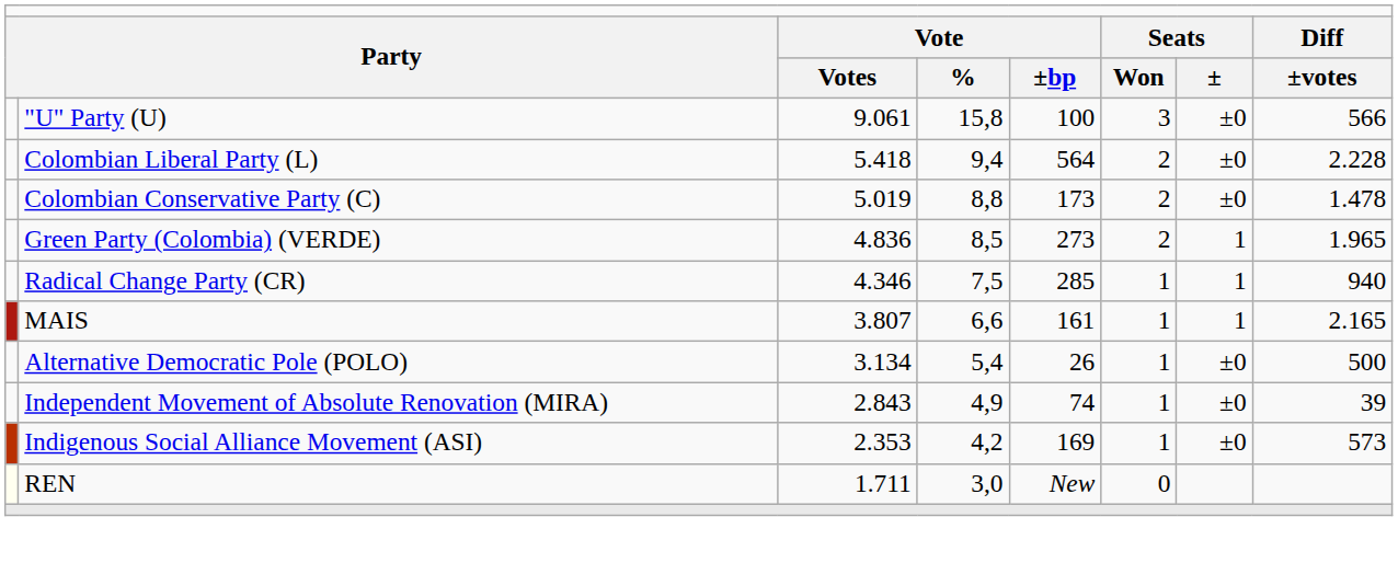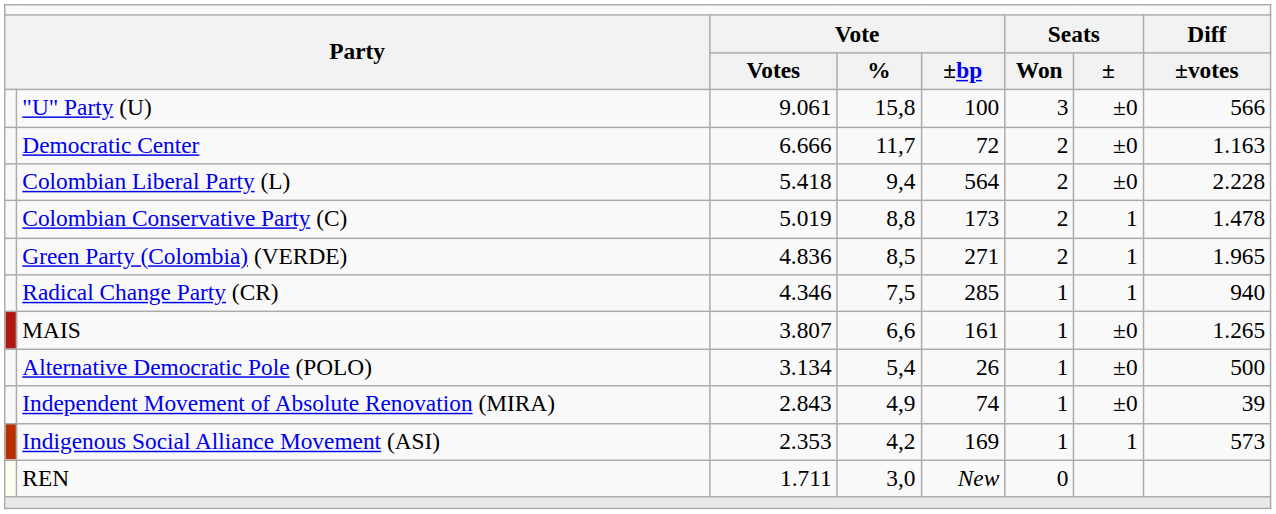 <table class="wikitable" style="text-align:right; font-size:100%; margin-bottom:0">
 <tr>
 <td colspan="8"></td>
 </tr>
 <tr>
 <th align="left" rowspan="2" colspan="2" width="500">Party</th>
 <th colspan="3">Vote</th>
 <th colspan="2">Seats</th>
 <th colspan="1">Diff</th>
 </tr>
 <tr>
 <th width="80">Votes</th>
 <th width="50">%</th>
 <th width="50">±<a href='#'>bp</a></th>
 <th width="40">Won</th>
 <th width="40">±</th>
 <th width="80">±votes</th>
 </tr>
 <tr>
 <td width="1" style="color:inherit;background:"></td>
 <td align="left"><a href='#'>"U" Party</a> (U)</td>
 <td>9.061</td>
 <td>15,8</td>
 <td> 100</td>
 <td>3</td>
 <td>±0</td>
 <td> 566</td>
 </tr>
 <tr>
 <td style="color:inherit;background:"></td>
+<td align="left"><a href='#'>Democratic Center</a></td>
+<td>6.666</td>
+<td>11,7</td>
+<td> 72</td>
+<td>2</td>
+<td>±0</td>
+<td> 1.163</td>
+</tr>
+<tr>
+<td style="color:inherit;background:"></td>
 <td align="left"><a href='#'>Colombian Liberal Party</a> (L)</td>
 <td>5.418</td>
 <td>9,4</td>
 <td> 564</td>
 <td>2</td>
 <td>±0</td>
 <td> 2.228</td>
 </tr>
 <tr>
 <td style="color:inherit;background:"></td>
 <td align="left"><a href='#'>Colombian Conservative Party</a> (C)</td>
 <td>5.019</td>
 <td>8,8</td>
 <td>173</td>
 <td>2</td>
-<td>±0</td>
+<td> 1</td>
 <td> 1.478</td>
 </tr>
 <tr>
 <td style="color:inherit;background:"></td>
 <td align="left"><a href='#'>Green Party (Colombia)</a> (VERDE)</td>
 <td>4.836</td>
 <td>8,5</td>
-<td>273</td>
+<td>271</td>
 <td>2</td>
 <td> 1</td>
 <td> 1.965</td>
 </tr>
 <tr>
 <td style="color:inherit;background:"></td>
 <td align="left"><a href='#'>Radical Change Party</a> (CR)</td>
 <td>4.346</td>
 <td>7,5</td>
 <td>285</td>
 <td>1</td>
 <td> 1</td>
 <td> 940</td>
 </tr>
 <tr>
 <td style="color:inherit;background:#AD1810"></td>
 <td align="left">MAIS</td>
 <td>3.807</td>
 <td>6,6</td>
 <td>161</td>
 <td>1</td>
-<td> 1</td>
-<td> 2.165</td>
+<td>±0</td>
+<td> 1.265</td>
 </tr>
 <tr>
 <td style="color:inherit;background:"></td>
 <td align="left"><a href='#'>Alternative Democratic Pole</a> (POLO)</td>
 <td>3.134</td>
 <td>5,4</td>
 <td> 26</td>
 <td>1</td>
 <td>±0</td>
 <td> 500</td>
 </tr>
 <tr>
 <td style="color:inherit;background:"></td>
 <td align="left"><a href='#'>Independent Movement of Absolute Renovation</a> (MIRA)</td>
 <td>2.843</td>
 <td>4,9</td>
 <td>  74</td>
 <td>1</td>
 <td>±0</td>
 <td> 39</td>
 </tr>
 <tr>
 <td style="color:inherit;background:#B93000"></td>
 <td align="left"><a href='#'>Indigenous Social Alliance Movement</a> (ASI)</td>
 <td>2.353</td>
 <td>4,2</td>
 <td> 169</td>
 <td>1</td>
-<td>±0</td>
+<td>1</td>
 <td> 573</td>
 </tr>
 <tr>
 <td bgcolor="#FFFFFFF"></td>
 <td align="left">REN</td>
 <td>1.711</td>
 <td>3,0</td>
 <td><em>New</em></td>
 <td>0</td>
 <td></td>
 <td></td>
 </tr>
 <tr>
 <td colspan="8" bgcolor="#E9E9E9"></td>
 </tr>
 </table>
